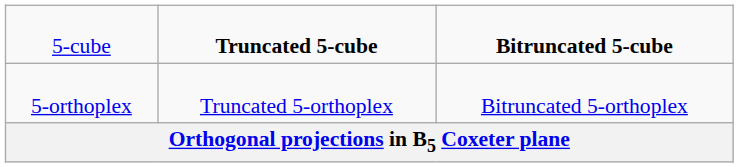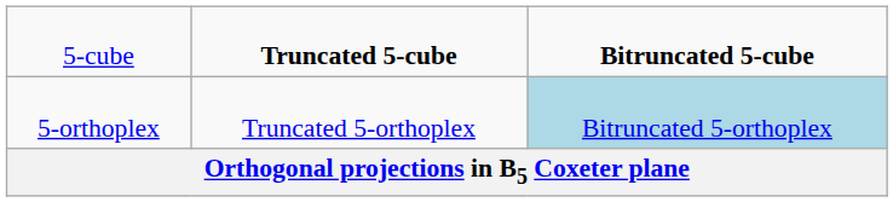 <table class=wikitable align=right width=540 style="margin-left:1em;">
 <tr align=center valign=top>
 <td><br><a href='#'>5-cube</a><br></td>
 <td><br><strong>Truncated 5-cube</strong><br></td>
 <td><br><strong>Bitruncated 5-cube</strong><br></td>
 </tr>
 <tr align=center valign=top>
 <td><br><a href='#'>5-orthoplex</a><br></td>
 <td><br><a href='#'>Truncated 5-orthoplex</a><br></td>
-<td><br><a href='#'>Bitruncated 5-orthoplex</a><br></td>
+<td style="background: lightblue;"><br><a href='#'>Bitruncated 5-orthoplex</a><br></td>
 </tr>
 <tr>
 <th colspan=4><a href='#'>Orthogonal projections</a> in B<sub>5</sub> <a href='#'>Coxeter plane</a></th>
 </tr>
 </table>
